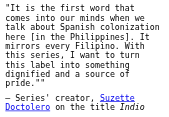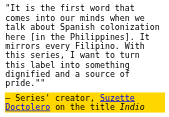 <table class="toccolours" style="float:right; margin-left:1em; margin-right:2em; font-size:95%; width:28em; max-width:40%;" cellspacing="5">
 <tr>
 <td style="text-align: left;">"It is the first word that comes into our minds when we talk about Spanish colonization here [in the Philippines]. It mirrors every Filipino. With this series, I want to turn this label into something dignified and a source of pride.""</td>
 </tr>
 <tr>
-<td style="text-align: left;">— Series' creator, <a href='#'>Suzette Doctolero</a> on the title <em>Indio</em></td>
+<td style="background: gold; text-align: left;">— Series' creator, <a href='#'>Suzette Doctolero</a> on the title <em>Indio</em></td>
 </tr>
 </table>
